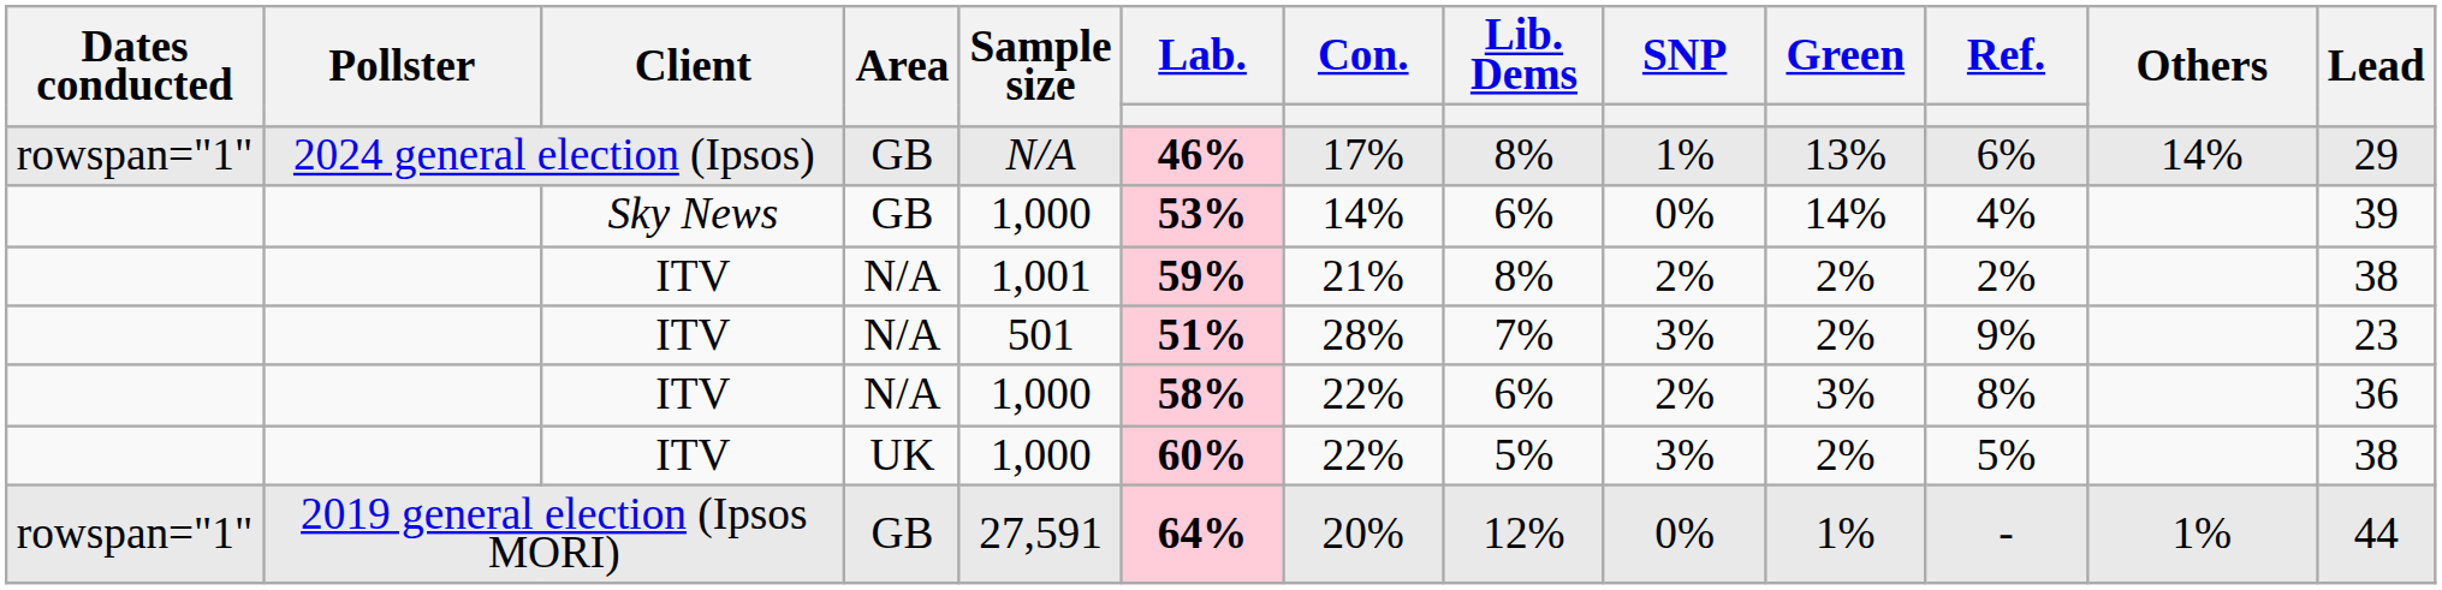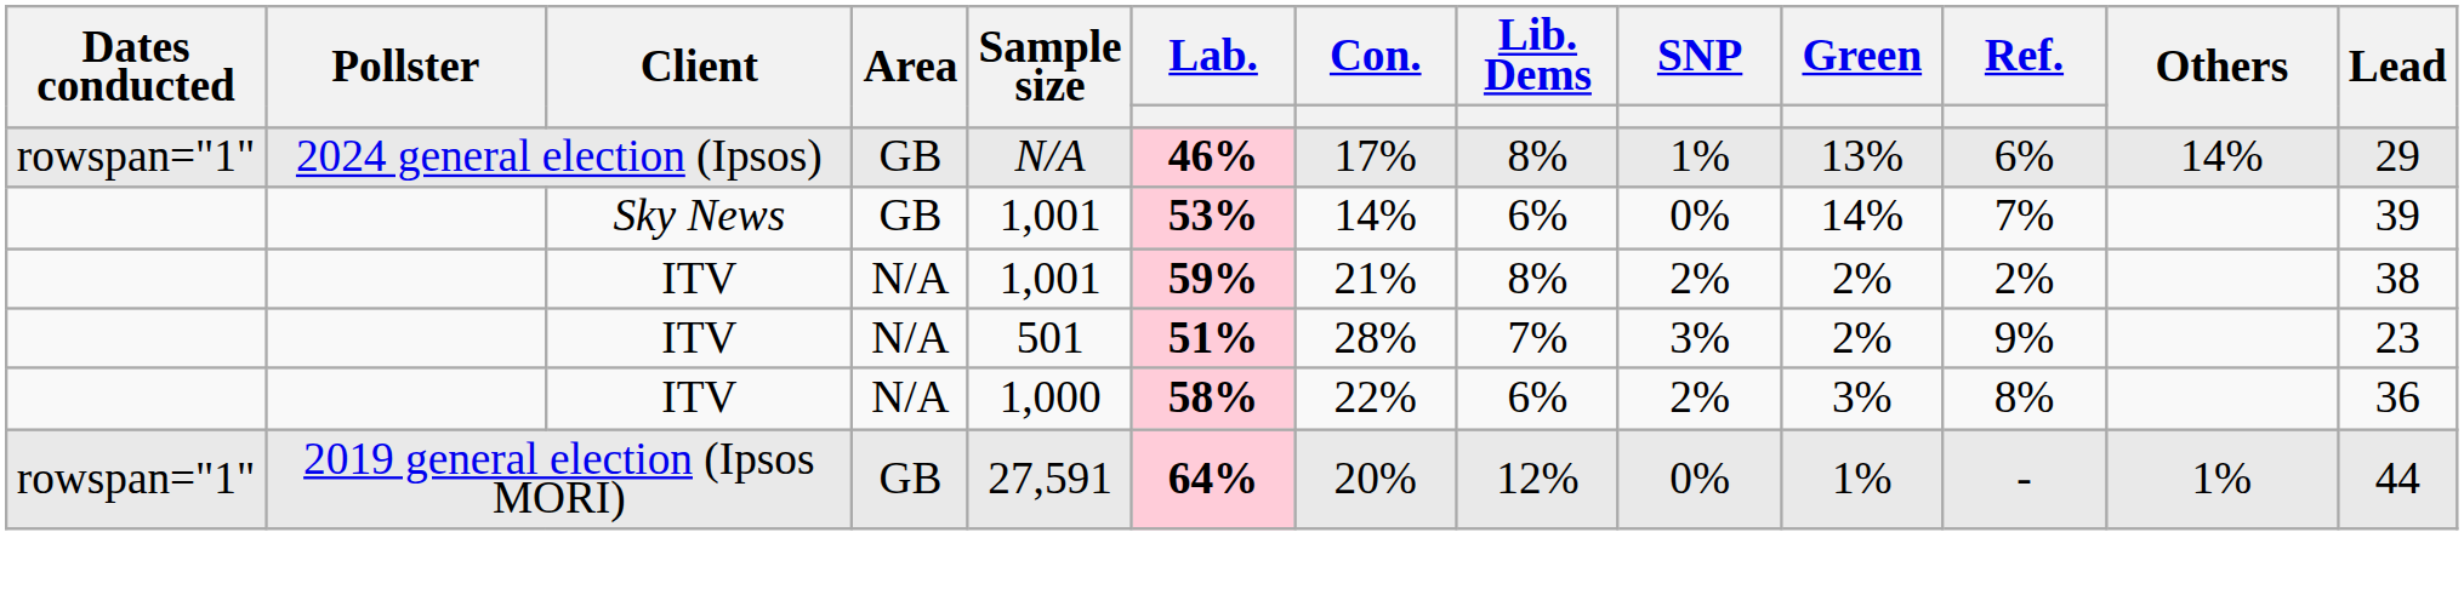 <table class="wikitable sortable mw-datatable" style="text-align:center;  line-height:14px;">
 <tr>
 <th rowspan="2">Dates<br>conducted</th>
 <th rowspan="2">Pollster</th>
 <th rowspan="2">Client</th>
 <th rowspan="2">Area</th>
 <th data-sort-type="number" rowspan="2">Sample<br>size</th>
 <th class="unsortable" style="width:50px;"><a href='#'>Lab.</a></th>
 <th class="unsortable" style="width:50px;"><a href='#'>Con.</a></th>
 <th class="unsortable" style="width:50px;"><a href='#'>Lib. Dems</a></th>
 <th class="unsortable" style="width:50px;"><a href='#'>SNP</a></th>
 <th class="unsortable" style="width:50px;"><a href='#'>Green</a></th>
 <th class="unsortable" style="width:50px;"><a href='#'>Ref.</a></th>
 <th rowspan="2" class="unsortable" style="width:75px;">Others</th>
 <th data-sort-type="number" rowspan="2">Lead</th>
 </tr>
 <tr>
 <th data-sort-type="number" style="background:"></th>
 <th data-sort-type="number" style="background:"></th>
 <th data-sort-type="number" style="background:"></th>
 <th data-sort-type="number" style="background:"></th>
 <th data-sort-type="number" style="background:"></th>
 <th data-sort-type="number" style="background:"></th>
 </tr>
 <tr style="background:#e9e9e9;">
 <td>rowspan="1" </td>
 <td colspan="2"><a href='#'>2024 general election</a> (Ipsos)</td>
 <td>GB</td>
 <td><em>N/A</em></td>
 <td style="background:#FFCCD9;"><strong>46%</strong></td>
 <td>17%</td>
 <td>8%</td>
 <td>1%</td>
 <td>13%</td>
 <td>6%</td>
 <td>14%</td>
 <td style="background:">29</td>
 </tr>
 <tr>
 <td></td>
 <td></td>
 <td><em>Sky News</em></td>
 <td>GB</td>
-<td>1,000</td>
+<td>1,001</td>
 <td style="background:#FFCCD9;"><strong>53%</strong></td>
 <td>14%</td>
 <td>6%</td>
 <td>0%</td>
 <td>14%</td>
-<td>4%</td>
+<td>7%</td>
 <td></td>
 <td style="background:">39</td>
 </tr>
 <tr>
 <td></td>
 <td></td>
 <td>ITV</td>
 <td>N/A</td>
 <td>1,001</td>
 <td style="background:#FFCCD9;"><strong>59%</strong></td>
 <td>21%</td>
 <td>8%</td>
 <td>2%</td>
 <td>2%</td>
 <td>2%</td>
 <td></td>
 <td style="background:">38</td>
 </tr>
 <tr>
 <td></td>
 <td></td>
 <td>ITV</td>
 <td>N/A</td>
 <td>501</td>
 <td style="background:#FFCCD9;"><strong>51%</strong></td>
 <td>28%</td>
 <td>7%</td>
 <td>3%</td>
 <td>2%</td>
 <td>9%</td>
 <td></td>
 <td style="background:">23</td>
 </tr>
 <tr>
 <td></td>
 <td></td>
 <td>ITV</td>
 <td>N/A</td>
 <td>1,000</td>
 <td style="background:#FFCCD9;"><strong>58%</strong></td>
 <td>22%</td>
 <td>6%</td>
 <td>2%</td>
 <td>3%</td>
 <td>8%</td>
 <td></td>
 <td style="background:">36</td>
 </tr>
-<tr>
-<td></td>
-<td></td>
-<td>ITV</td>
-<td>UK</td>
-<td>1,000</td>
-<td style="background:#FFCCD9;"><strong>60%</strong></td>
-<td>22%</td>
-<td>5%</td>
-<td>3%</td>
-<td>2%</td>
-<td>5%</td>
-<td></td>
-<td style="background:">38</td>
-</tr>
 <tr style="background:#e9e9e9;">
 <td>rowspan="1" </td>
 <td colspan="2"><a href='#'>2019 general election</a> (Ipsos MORI)</td>
 <td>GB</td>
 <td>27,591</td>
 <td style="background:#FFCCD9;"><strong>64%</strong></td>
 <td>20%</td>
 <td>12%</td>
 <td>0%</td>
 <td>1%</td>
 <td>-</td>
 <td>1%</td>
 <td style="background:">44</td>
 </tr>
 </table>
